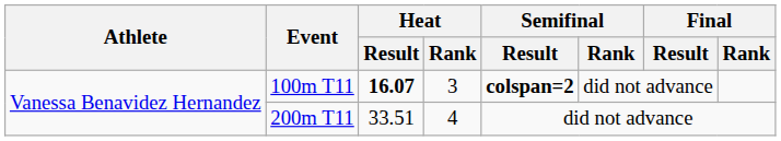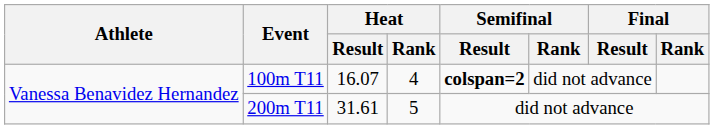 <table class="wikitable">
 <tr>
 <th rowspan="2">Athlete</th>
 <th rowspan="2">Event</th>
 <th colspan="2">Heat</th>
 <th colspan="2">Semifinal</th>
 <th colspan="2">Final</th>
 </tr>
 <tr>
 <th>Result</th>
 <th>Rank</th>
 <th>Result</th>
 <th>Rank</th>
 <th>Result</th>
 <th>Rank</th>
 </tr>
 <tr align=center>
 <td align=left rowspan=2><a href='#'>Vanessa Benavidez Hernandez</a></td>
 <td align=left><a href='#'>100m T11</a></td>
-<td><strong>16.07</strong></td>
-<td>3</td>
+<td>16.07</td>
+<td>4</td>
 <td><strong>colspan=2 </strong></td>
 <td colspan=2>did not advance</td>
 </tr>
 <tr align=center>
 <td align=left><a href='#'>200m T11</a></td>
-<td>33.51</td>
-<td>4</td>
+<td>31.61</td>
+<td>5</td>
 <td colspan=4>did not advance</td>
 </tr>
 </table>
